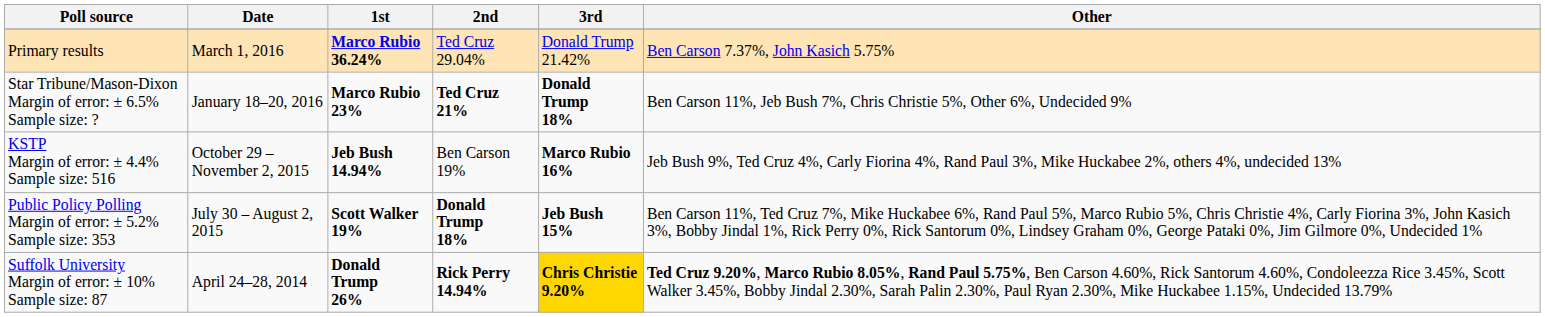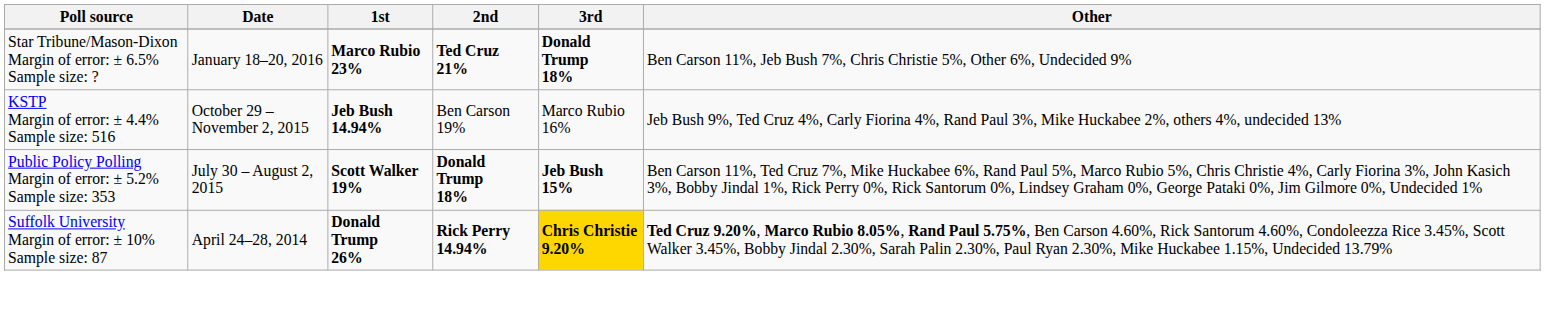 <table class="wikitable">
 <tr>
 <th style="width:180px;">Poll source</th>
 <th style="width:135px;">Date</th>
 <th style="width:100px;">1st</th>
 <th style="width:100px;">2nd</th>
 <th style="width:100px;">3rd</th>
 <th>Other</th>
 </tr>
 <tr>
-</tr>
-<tr style="background:Moccasin;">
-<td>Primary results</td>
-<td>March 1, 2016</td>
-<td><strong><a href='#'>Marco Rubio</a><br>36.24%</strong></td>
-<td><a href='#'>Ted Cruz</a><br>29.04%</td>
-<td><a href='#'>Donald Trump</a><br>21.42%</td>
-<td><a href='#'>Ben Carson</a> 7.37%, <a href='#'>John Kasich</a> 5.75%</td>
 </tr>
 <tr>
 <td>Star Tribune/Mason-Dixon<br>Margin of error: ± 6.5% <br>Sample size: ?</td>
 <td>January 18–20, 2016</td>
 <td><strong>Marco Rubio<br>23%</strong></td>
 <td><strong>Ted Cruz<br>21%</strong></td>
 <td><strong>Donald Trump<br>18%</strong></td>
 <td>Ben Carson 11%, Jeb Bush 7%, Chris Christie 5%, Other 6%, Undecided 9%</td>
 </tr>
 <tr>
 <td><a href='#'>KSTP</a><br>Margin of error: ± 4.4% <br>Sample size: 516</td>
 <td>October 29 – November 2, 2015</td>
 <td><strong>Jeb Bush<br>14.94%</strong></td>
 <td>Ben Carson 19%</td>
-<td><strong>Marco Rubio 16%</strong></td>
+<td>Marco Rubio 16%</td>
 <td>Jeb Bush 9%, Ted Cruz 4%, Carly Fiorina 4%, Rand Paul 3%, Mike Huckabee 2%, others 4%, undecided 13%</td>
 </tr>
 <tr>
 <td><a href='#'>Public Policy Polling</a><br>Margin of error: ± 5.2% <br>Sample size: 353</td>
 <td>July 30 – August 2, 2015</td>
 <td><strong>Scott Walker<br>19%</strong></td>
 <td><strong>Donald Trump<br>18%</strong></td>
 <td><strong>Jeb Bush<br>15%</strong></td>
 <td>Ben Carson 11%, Ted Cruz 7%, Mike Huckabee 6%, Rand Paul 5%, Marco Rubio 5%, Chris Christie 4%, Carly Fiorina 3%, John Kasich 3%, Bobby Jindal 1%, Rick Perry 0%, Rick Santorum 0%, Lindsey Graham 0%, George Pataki 0%, Jim Gilmore 0%,  Undecided 1%</td>
 </tr>
 <tr>
 <td><a href='#'>Suffolk University</a><br>Margin of error: ± 10% <br>Sample size: 87</td>
 <td>April 24–28, 2014</td>
 <td><strong>Donald Trump<br>26%</strong></td>
 <td><strong>Rick Perry<br>14.94%</strong></td>
 <td style="background: gold;"><strong>Chris Christie<br>9.20%</strong></td>
 <td><span><strong>Ted Cruz 9.20%</strong></span>, <span><strong>Marco Rubio 8.05%</strong></span>, <span><strong>Rand Paul 5.75%</strong></span>, Ben Carson 4.60%, Rick Santorum 4.60%, Condoleezza Rice 3.45%, Scott Walker 3.45%, Bobby Jindal 2.30%, Sarah Palin 2.30%, Paul Ryan 2.30%, Mike Huckabee 1.15%, Undecided 13.79%</td>
 </tr>
 </table>
